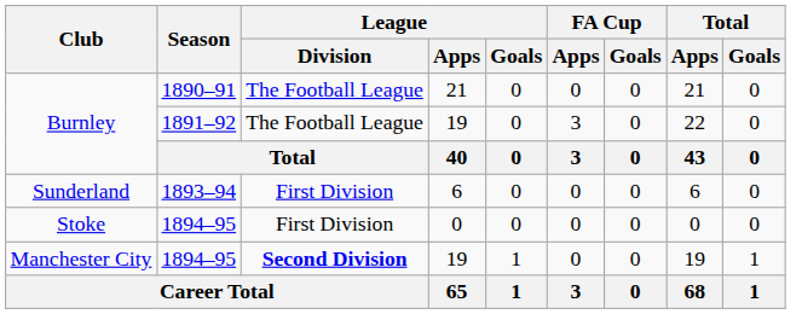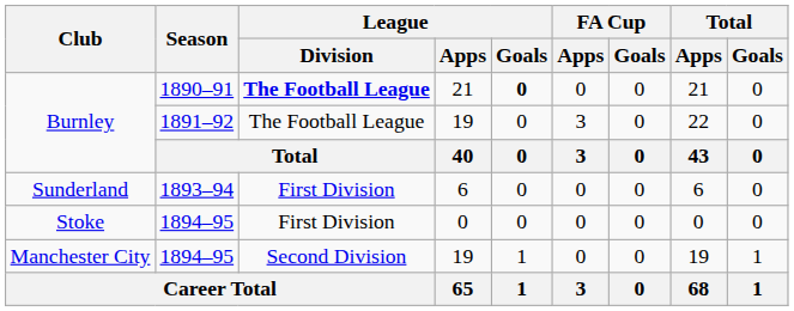 <table class="wikitable" style="text-align: center;">
 <tr>
 <th rowspan="2">Club</th>
 <th rowspan="2">Season</th>
 <th colspan="3">League</th>
 <th colspan="2">FA Cup</th>
 <th colspan="2">Total</th>
 </tr>
 <tr>
 <th>Division</th>
 <th>Apps</th>
 <th>Goals</th>
 <th>Apps</th>
 <th>Goals</th>
 <th>Apps</th>
 <th>Goals</th>
 </tr>
 <tr>
 <td rowspan=3><a href='#'>Burnley</a></td>
 <td><a href='#'>1890–91</a></td>
-<td><a href='#'>The Football League</a></td>
+<td><strong><a href='#'>The Football League</a></strong></td>
 <td>21</td>
-<td>0</td>
+<td><strong>0</strong></td>
 <td>0</td>
 <td>0</td>
 <td>21</td>
 <td>0</td>
 </tr>
 <tr>
 <td><a href='#'>1891–92</a></td>
 <td>The Football League</td>
 <td>19</td>
 <td>0</td>
 <td>3</td>
 <td>0</td>
 <td>22</td>
 <td>0</td>
 </tr>
 <tr>
 <th colspan=2>Total</th>
 <th>40</th>
 <th>0</th>
 <th>3</th>
 <th>0</th>
 <th>43</th>
 <th>0</th>
 </tr>
 <tr>
 <td><a href='#'>Sunderland</a></td>
 <td><a href='#'>1893–94</a></td>
 <td><a href='#'>First Division</a></td>
 <td>6</td>
 <td>0</td>
 <td>0</td>
 <td>0</td>
 <td>6</td>
 <td>0</td>
 </tr>
 <tr>
 <td><a href='#'>Stoke</a></td>
 <td><a href='#'>1894–95</a></td>
 <td>First Division</td>
 <td>0</td>
 <td>0</td>
 <td>0</td>
 <td>0</td>
 <td>0</td>
 <td>0</td>
 </tr>
 <tr>
 <td><a href='#'>Manchester City</a></td>
 <td><a href='#'>1894–95</a></td>
-<td><strong><a href='#'>Second Division</a></strong></td>
+<td><a href='#'>Second Division</a></td>
 <td>19</td>
 <td>1</td>
 <td>0</td>
 <td>0</td>
 <td>19</td>
 <td>1</td>
 </tr>
 <tr>
 <th colspan="3">Career Total</th>
 <th>65</th>
 <th>1</th>
 <th>3</th>
 <th>0</th>
 <th>68</th>
 <th>1</th>
 </tr>
 </table>
